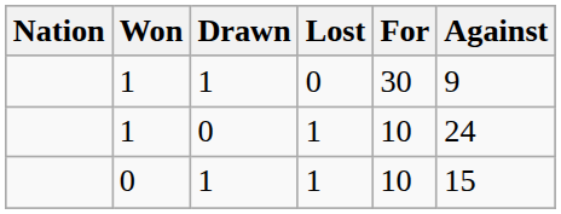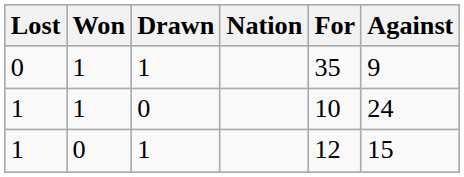 <table class="wikitable">
 <tr>
-<th>Nation</th>
+<th>Lost</th>
 <th>Won</th>
 <th>Drawn</th>
-<th>Lost</th>
+<th>Nation</th>
 <th>For</th>
 <th>Against</th>
 </tr>
 <tr>
+<td>0</td>
+<td>1</td>
+<td>1</td>
 <td></td>
+<td>35</td>
+<td>9</td>
+</tr>
+<tr>
 <td>1</td>
 <td>1</td>
 <td>0</td>
-<td>30</td>
-<td>9</td>
-</tr>
-<tr>
 <td></td>
-<td>1</td>
-<td>0</td>
-<td>1</td>
 <td>10</td>
 <td>24</td>
 </tr>
 <tr>
-<td></td>
+<td>1</td>
 <td>0</td>
 <td>1</td>
-<td>1</td>
-<td>10</td>
+<td></td>
+<td>12</td>
 <td>15</td>
 </tr>
 </table>
